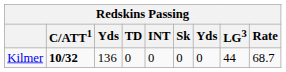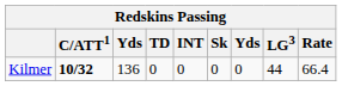 <table class="wikitable">
 <tr>
 <th colspan="9">Redskins Passing</th>
 </tr>
 <tr>
 <th></th>
 <th>C/ATT<sup>1</sup></th>
 <th>Yds</th>
 <th>TD</th>
 <th>INT</th>
 <th>Sk</th>
 <th>Yds</th>
 <th>LG<sup>3</sup></th>
 <th>Rate</th>
 </tr>
 <tr>
 <td><a href='#'>Kilmer</a></td>
 <td><strong>10/32</strong></td>
 <td>136</td>
 <td>0</td>
 <td>0</td>
 <td>0</td>
 <td>0</td>
 <td>44</td>
-<td>68.7</td>
+<td>66.4</td>
 </tr>
 </table>
